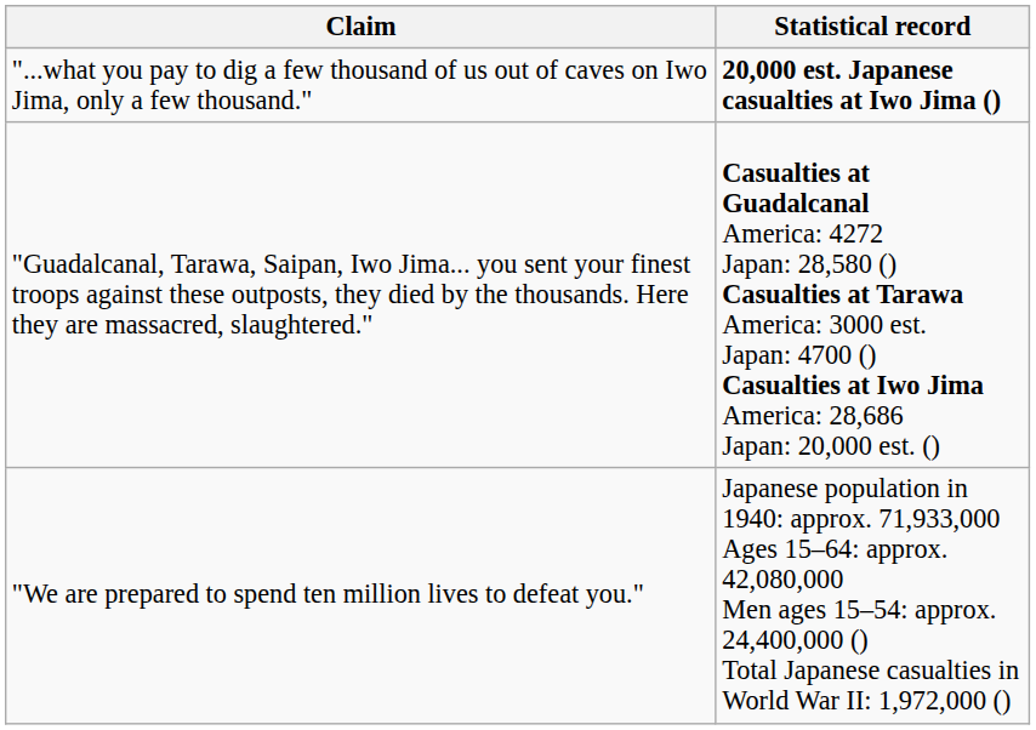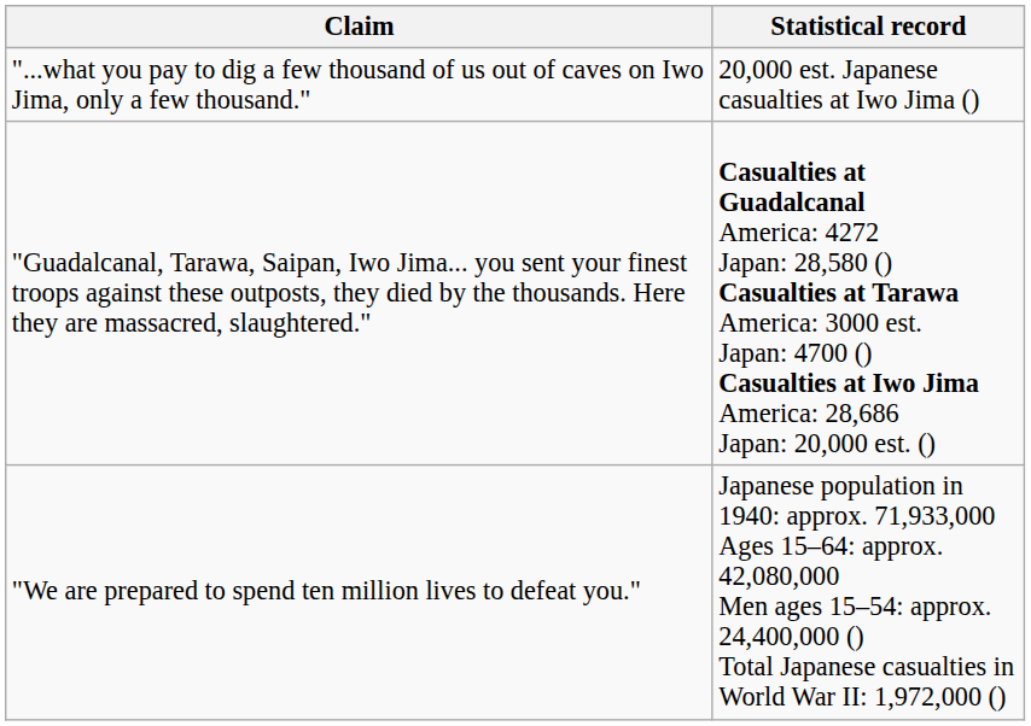 <table class="wikitable">
 <tr style="background:#ccc; text-align:center;">
 <th>Claim</th>
 <th>Statistical record</th>
 </tr>
 <tr>
 <td>"...what you pay to dig a few thousand of us out of caves on Iwo Jima, only a few thousand."</td>
-<td><strong>20,000 est. Japanese casualties at Iwo Jima ()</strong></td>
+<td>20,000 est. Japanese casualties at Iwo Jima ()</td>
 </tr>
 <tr>
 <td>"Guadalcanal, Tarawa, Saipan, Iwo Jima... you sent your finest troops against these outposts, they died by the thousands. Here they are massacred, slaughtered."</td>
 <td><br><strong>Casualties at Guadalcanal</strong> <br>America: 4272 <br>Japan: 28,580 () <br><strong>Casualties at Tarawa</strong> <br>America: 3000 est. <br>Japan: 4700 () <br><strong>Casualties at Iwo Jima</strong> <br>America: 28,686 <br>Japan: 20,000 est. ()</td>
 </tr>
 <tr>
 <td>"We are prepared to spend ten million lives to defeat you."</td>
 <td>Japanese population in 1940: approx. 71,933,000<br>Ages 15–64: approx. 42,080,000<br>Men ages 15–54: approx. 24,400,000 ()<br> Total Japanese casualties in World War II: 1,972,000 ()</td>
 </tr>
 </table>
